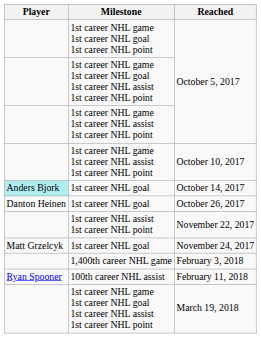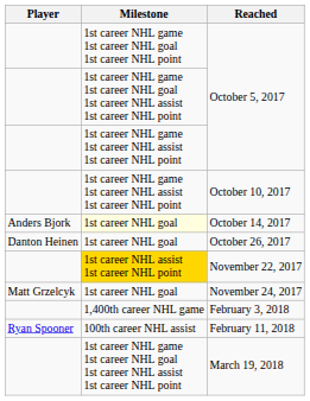 <table class="wikitable sortable" style="width:auto%;">
 <tr align=center>
 <th>Player</th>
 <th>Milestone</th>
 <th>Reached</th>
 </tr>
 <tr>
 <td></td>
 <td>1st career NHL game<br>1st career NHL goal<br>1st career NHL point</td>
 <td rowspan="3">October 5, 2017</td>
 </tr>
 <tr>
 <td></td>
 <td>1st career NHL game<br>1st career NHL goal<br>1st career NHL assist<br>1st career NHL point</td>
 </tr>
 <tr>
 <td></td>
 <td>1st career NHL game<br>1st career NHL assist<br>1st career NHL point</td>
 </tr>
 <tr>
 <td></td>
 <td>1st career NHL game<br>1st career NHL assist<br>1st career NHL point</td>
 <td>October 10, 2017</td>
 </tr>
 <tr>
-<td style="background: paleturquoise;">Anders Bjork</td>
-<td>1st career NHL goal</td>
+<td>Anders Bjork</td>
+<td style="background: lightyellow;">1st career NHL goal</td>
 <td>October 14, 2017</td>
 </tr>
 <tr>
 <td>Danton Heinen</td>
 <td>1st career NHL goal</td>
 <td>October 26, 2017</td>
 </tr>
 <tr>
 <td></td>
-<td>1st career NHL assist<br>1st career NHL point</td>
+<td style="background: gold;">1st career NHL assist<br>1st career NHL point</td>
 <td>November 22, 2017</td>
 </tr>
 <tr>
 <td>Matt Grzelcyk</td>
 <td>1st career NHL goal</td>
 <td>November 24, 2017</td>
 </tr>
 <tr>
 <td></td>
 <td>1,400th career NHL game</td>
 <td>February 3, 2018</td>
 </tr>
 <tr>
 <td><a href='#'>Ryan Spooner</a></td>
 <td>100th career NHL assist</td>
 <td>February 11, 2018</td>
 </tr>
 <tr>
 <td></td>
 <td>1st career NHL game <br> 1st career NHL goal <br> 1st career NHL assist<br>1st career NHL point</td>
 <td>March 19, 2018</td>
 </tr>
 </table>
